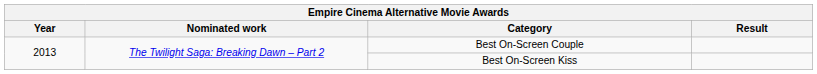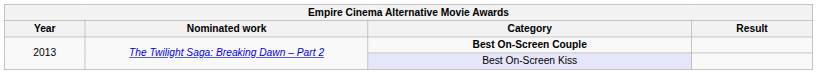 <table width="100%" class="wikitable">
 <tr>
 <th colspan="4" align="center"><strong>Empire Cinema Alternative Movie Awards</strong></th>
 </tr>
 <tr>
 <th width="10%">Year</th>
 <th width="35%">Nominated work</th>
 <th width="40%">Category</th>
 <th width="15%">Result</th>
 </tr>
 <tr>
 <td rowspan="2" style="text-align:center;">2013</td>
 <td rowspan="2" style="text-align:center;"><em><a href='#'>The Twilight Saga: Breaking Dawn – Part 2</a></em></td>
-<td style="text-align:center;">Best On-Screen Couple </td>
+<td style="text-align:center;"><strong>Best On-Screen Couple </strong></td>
 <td></td>
 </tr>
 <tr>
-<td style="text-align:center;">Best On-Screen Kiss </td>
+<td style="background: lavender; text-align:center;">Best On-Screen Kiss </td>
 <td></td>
 </tr>
 </table>
